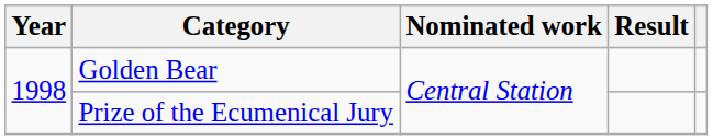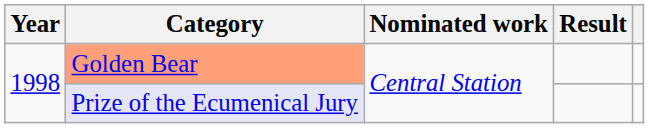 <table class="wikitable sortable">
 <tr>
 <th>Year</th>
 <th>Category</th>
 <th>Nominated work</th>
 <th>Result</th>
 <th class="unsortable"></th>
 </tr>
 <tr>
 <td rowspan="2"><a href='#'>1998</a></td>
-<td><a href='#'>Golden Bear</a></td>
+<td style="background: lightsalmon;"><a href='#'>Golden Bear</a></td>
 <td rowspan="2"><em><a href='#'>Central Station</a></em></td>
 <td></td>
 <td></td>
 </tr>
 <tr>
-<td><a href='#'>Prize of the Ecumenical Jury</a></td>
+<td style="background: lavender;"><a href='#'>Prize of the Ecumenical Jury</a></td>
 <td></td>
 <td></td>
 </tr>
 </table>
